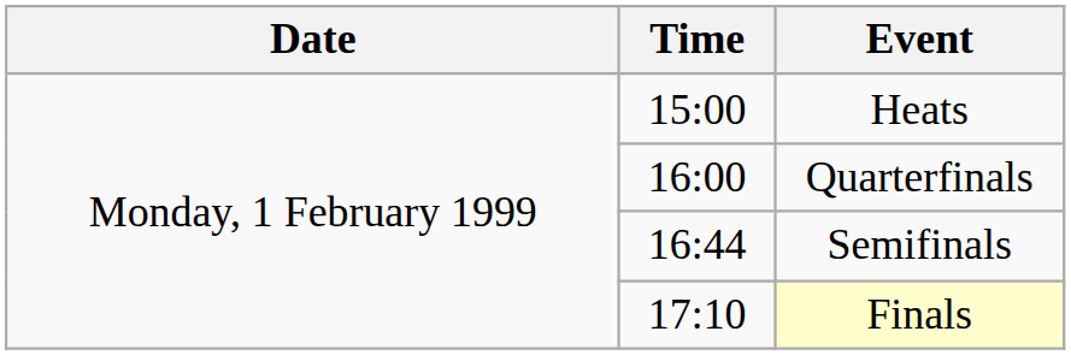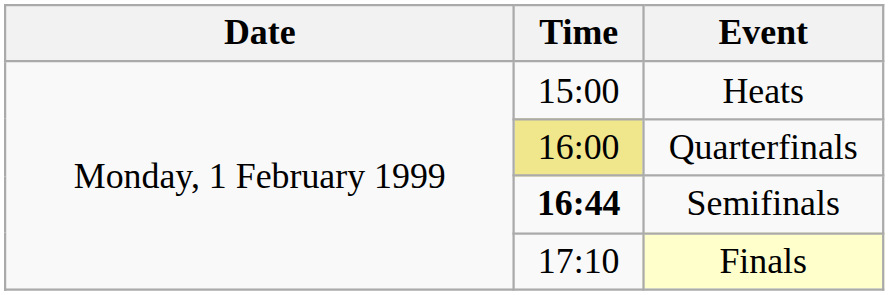 <table class = "wikitable" style="text-align:center;">
 <tr>
 <th width=220>Date</th>
 <th width=50>Time</th>
 <th width=100>Event</th>
 </tr>
 <tr>
 <td rowspan=4>Monday, 1 February 1999</td>
 <td>15:00</td>
 <td>Heats</td>
 </tr>
 <tr>
-<td>16:00</td>
+<td style="background: khaki;">16:00</td>
 <td>Quarterfinals</td>
 </tr>
 <tr>
-<td>16:44</td>
+<td><strong>16:44</strong></td>
 <td>Semifinals</td>
 </tr>
 <tr>
 <td>17:10</td>
 <td bgcolor=ffffcc>Finals</td>
 </tr>
 </table>
